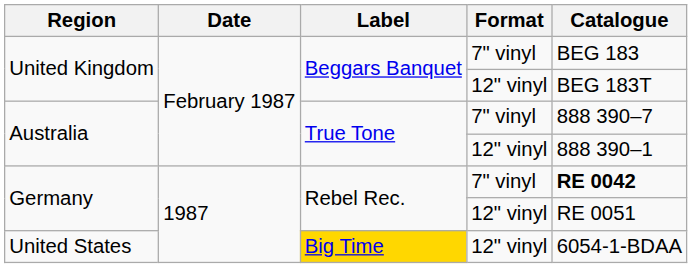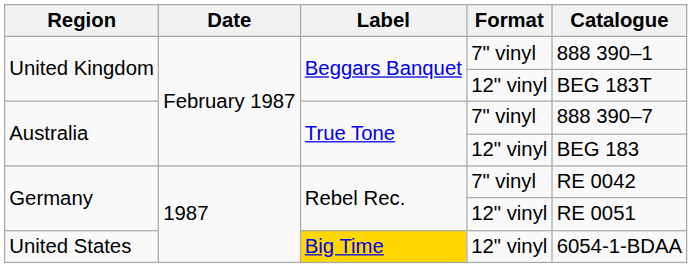 <table class="wikitable">
 <tr>
 <th>Region</th>
 <th>Date</th>
 <th>Label</th>
 <th>Format</th>
 <th>Catalogue</th>
 </tr>
 <tr>
 <td rowspan="2">United Kingdom</td>
 <td rowspan="4">February 1987</td>
 <td rowspan="2"><a href='#'>Beggars Banquet</a></td>
 <td>7" vinyl</td>
-<td>BEG 183</td>
+<td>888 390–1</td>
 </tr>
 <tr>
 <td>12" vinyl</td>
 <td>BEG 183T</td>
 </tr>
 <tr>
 <td rowspan="2">Australia</td>
 <td rowspan="2"><a href='#'>True Tone</a></td>
 <td>7" vinyl</td>
 <td>888 390–7</td>
 </tr>
 <tr>
 <td>12" vinyl</td>
-<td>888 390–1</td>
+<td>BEG 183</td>
 </tr>
 <tr>
 <td rowspan="2">Germany</td>
 <td rowspan="3">1987</td>
 <td rowspan="2">Rebel Rec.</td>
 <td>7" vinyl</td>
-<td><strong>RE 0042</strong></td>
+<td>RE 0042</td>
 </tr>
 <tr>
 <td>12" vinyl</td>
 <td>RE 0051</td>
 </tr>
 <tr>
 <td>United States</td>
 <td style="background: gold;"><a href='#'>Big Time</a></td>
 <td>12" vinyl</td>
 <td>6054-1-BDAA</td>
 </tr>
 </table>
